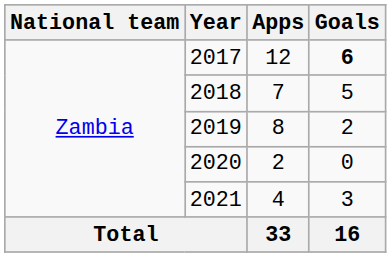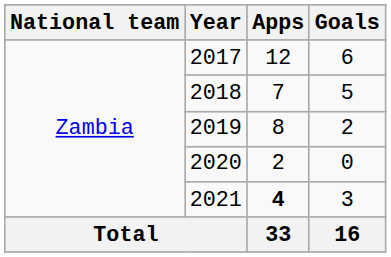 <table class="wikitable" style="text-align:center">
 <tr>
 <th>National team</th>
 <th>Year</th>
 <th>Apps</th>
 <th>Goals</th>
 </tr>
 <tr>
 <td rowspan="5"><a href='#'>Zambia</a></td>
 <td>2017</td>
 <td>12</td>
-<td><strong>6</strong></td>
+<td>6</td>
 </tr>
 <tr>
 <td>2018</td>
 <td>7</td>
 <td>5</td>
 </tr>
 <tr>
 <td>2019</td>
 <td>8</td>
 <td>2</td>
 </tr>
 <tr>
 <td>2020</td>
 <td>2</td>
 <td>0</td>
 </tr>
 <tr>
 <td>2021</td>
-<td>4</td>
+<td><strong>4</strong></td>
 <td>3</td>
 </tr>
 <tr>
 <th colspan="2">Total</th>
 <th>33</th>
 <th>16</th>
 </tr>
 </table>
